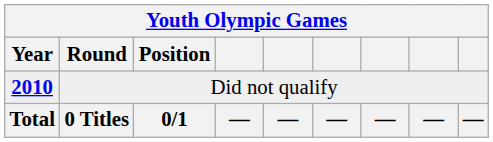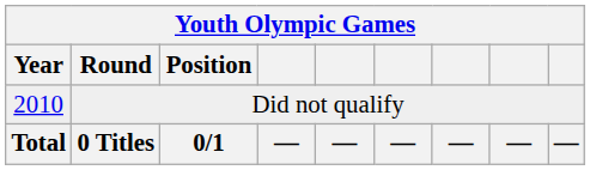 <table class="wikitable" style="text-align: center;">
 <tr>
 <th colspan=9><strong><a href='#'>Youth Olympic Games</a></strong></th>
 </tr>
 <tr>
 <th><strong>Year</strong></th>
 <th><strong>Round</strong></th>
 <th><strong>Position</strong></th>
 <th width=30><strong></strong></th>
 <th width=30><strong></strong></th>
 <th width=30><strong></strong></th>
 <th width=30><strong></strong></th>
 <th width=30><strong></strong></th>
 <th><strong></strong></th>
 </tr>
 <tr bgcolor="efefef">
-<td><strong> <a href='#'>2010</a></strong></td>
+<td> <a href='#'>2010</a></td>
 <td colspan=9>Did not qualify</td>
 </tr>
 <tr>
 <th><strong>Total</strong></th>
 <th><strong>0 Titles</strong></th>
 <th><strong>0/1</strong></th>
 <th><strong>—</strong></th>
 <th><strong>—</strong></th>
 <th><strong>—</strong></th>
 <th><strong>—</strong></th>
 <th><strong>—</strong></th>
 <th><strong>—</strong></th>
 </tr>
 </table>
